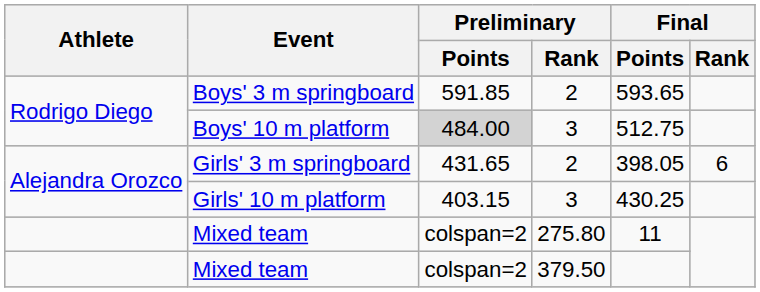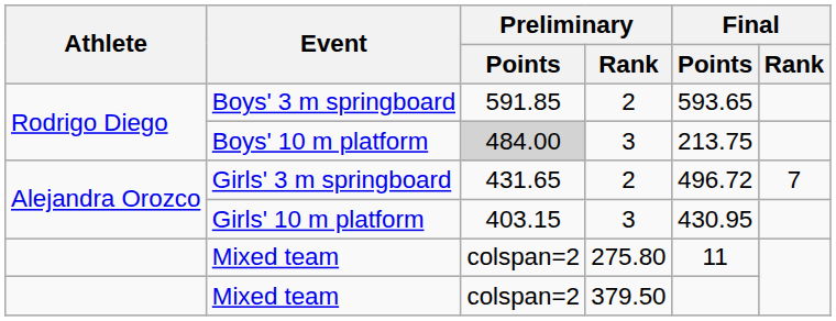 <table class="wikitable" style="font-size:90%;">
 <tr>
 <th rowspan=2>Athlete</th>
 <th rowspan=2>Event</th>
 <th colspan=2>Preliminary</th>
 <th colspan=2>Final</th>
 </tr>
 <tr>
 <th>Points</th>
 <th>Rank</th>
 <th>Points</th>
 <th>Rank</th>
 </tr>
 <tr align=center>
 <td align=left rowspan=2><a href='#'>Rodrigo Diego</a></td>
 <td align=left><a href='#'>Boys' 3 m springboard</a></td>
 <td>591.85</td>
 <td>2</td>
 <td>593.65</td>
 <td></td>
 </tr>
 <tr align=center>
 <td align=left><a href='#'>Boys' 10 m platform</a></td>
 <td style="background: lightgrey;">484.00</td>
 <td>3</td>
-<td>512.75</td>
+<td>213.75</td>
 <td></td>
 </tr>
 <tr align=center>
 <td align=left rowspan=2><a href='#'>Alejandra Orozco</a></td>
 <td align=left><a href='#'>Girls' 3 m springboard</a></td>
 <td>431.65</td>
 <td>2</td>
-<td>398.05</td>
-<td>6</td>
+<td>496.72</td>
+<td>7</td>
 </tr>
 <tr align=center>
 <td align=left><a href='#'>Girls' 10 m platform</a></td>
 <td>403.15</td>
 <td>3</td>
-<td>430.25</td>
+<td>430.95</td>
 <td></td>
 </tr>
 <tr align=center>
 <td align=left><br></td>
 <td align=left><a href='#'>Mixed team</a></td>
 <td>colspan=2 </td>
 <td>275.80</td>
 <td>11</td>
 </tr>
 <tr align=center>
 <td align=left><br></td>
 <td align=left><a href='#'>Mixed team</a></td>
 <td>colspan=2 </td>
 <td>379.50</td>
 <td></td>
 </tr>
 </table>
